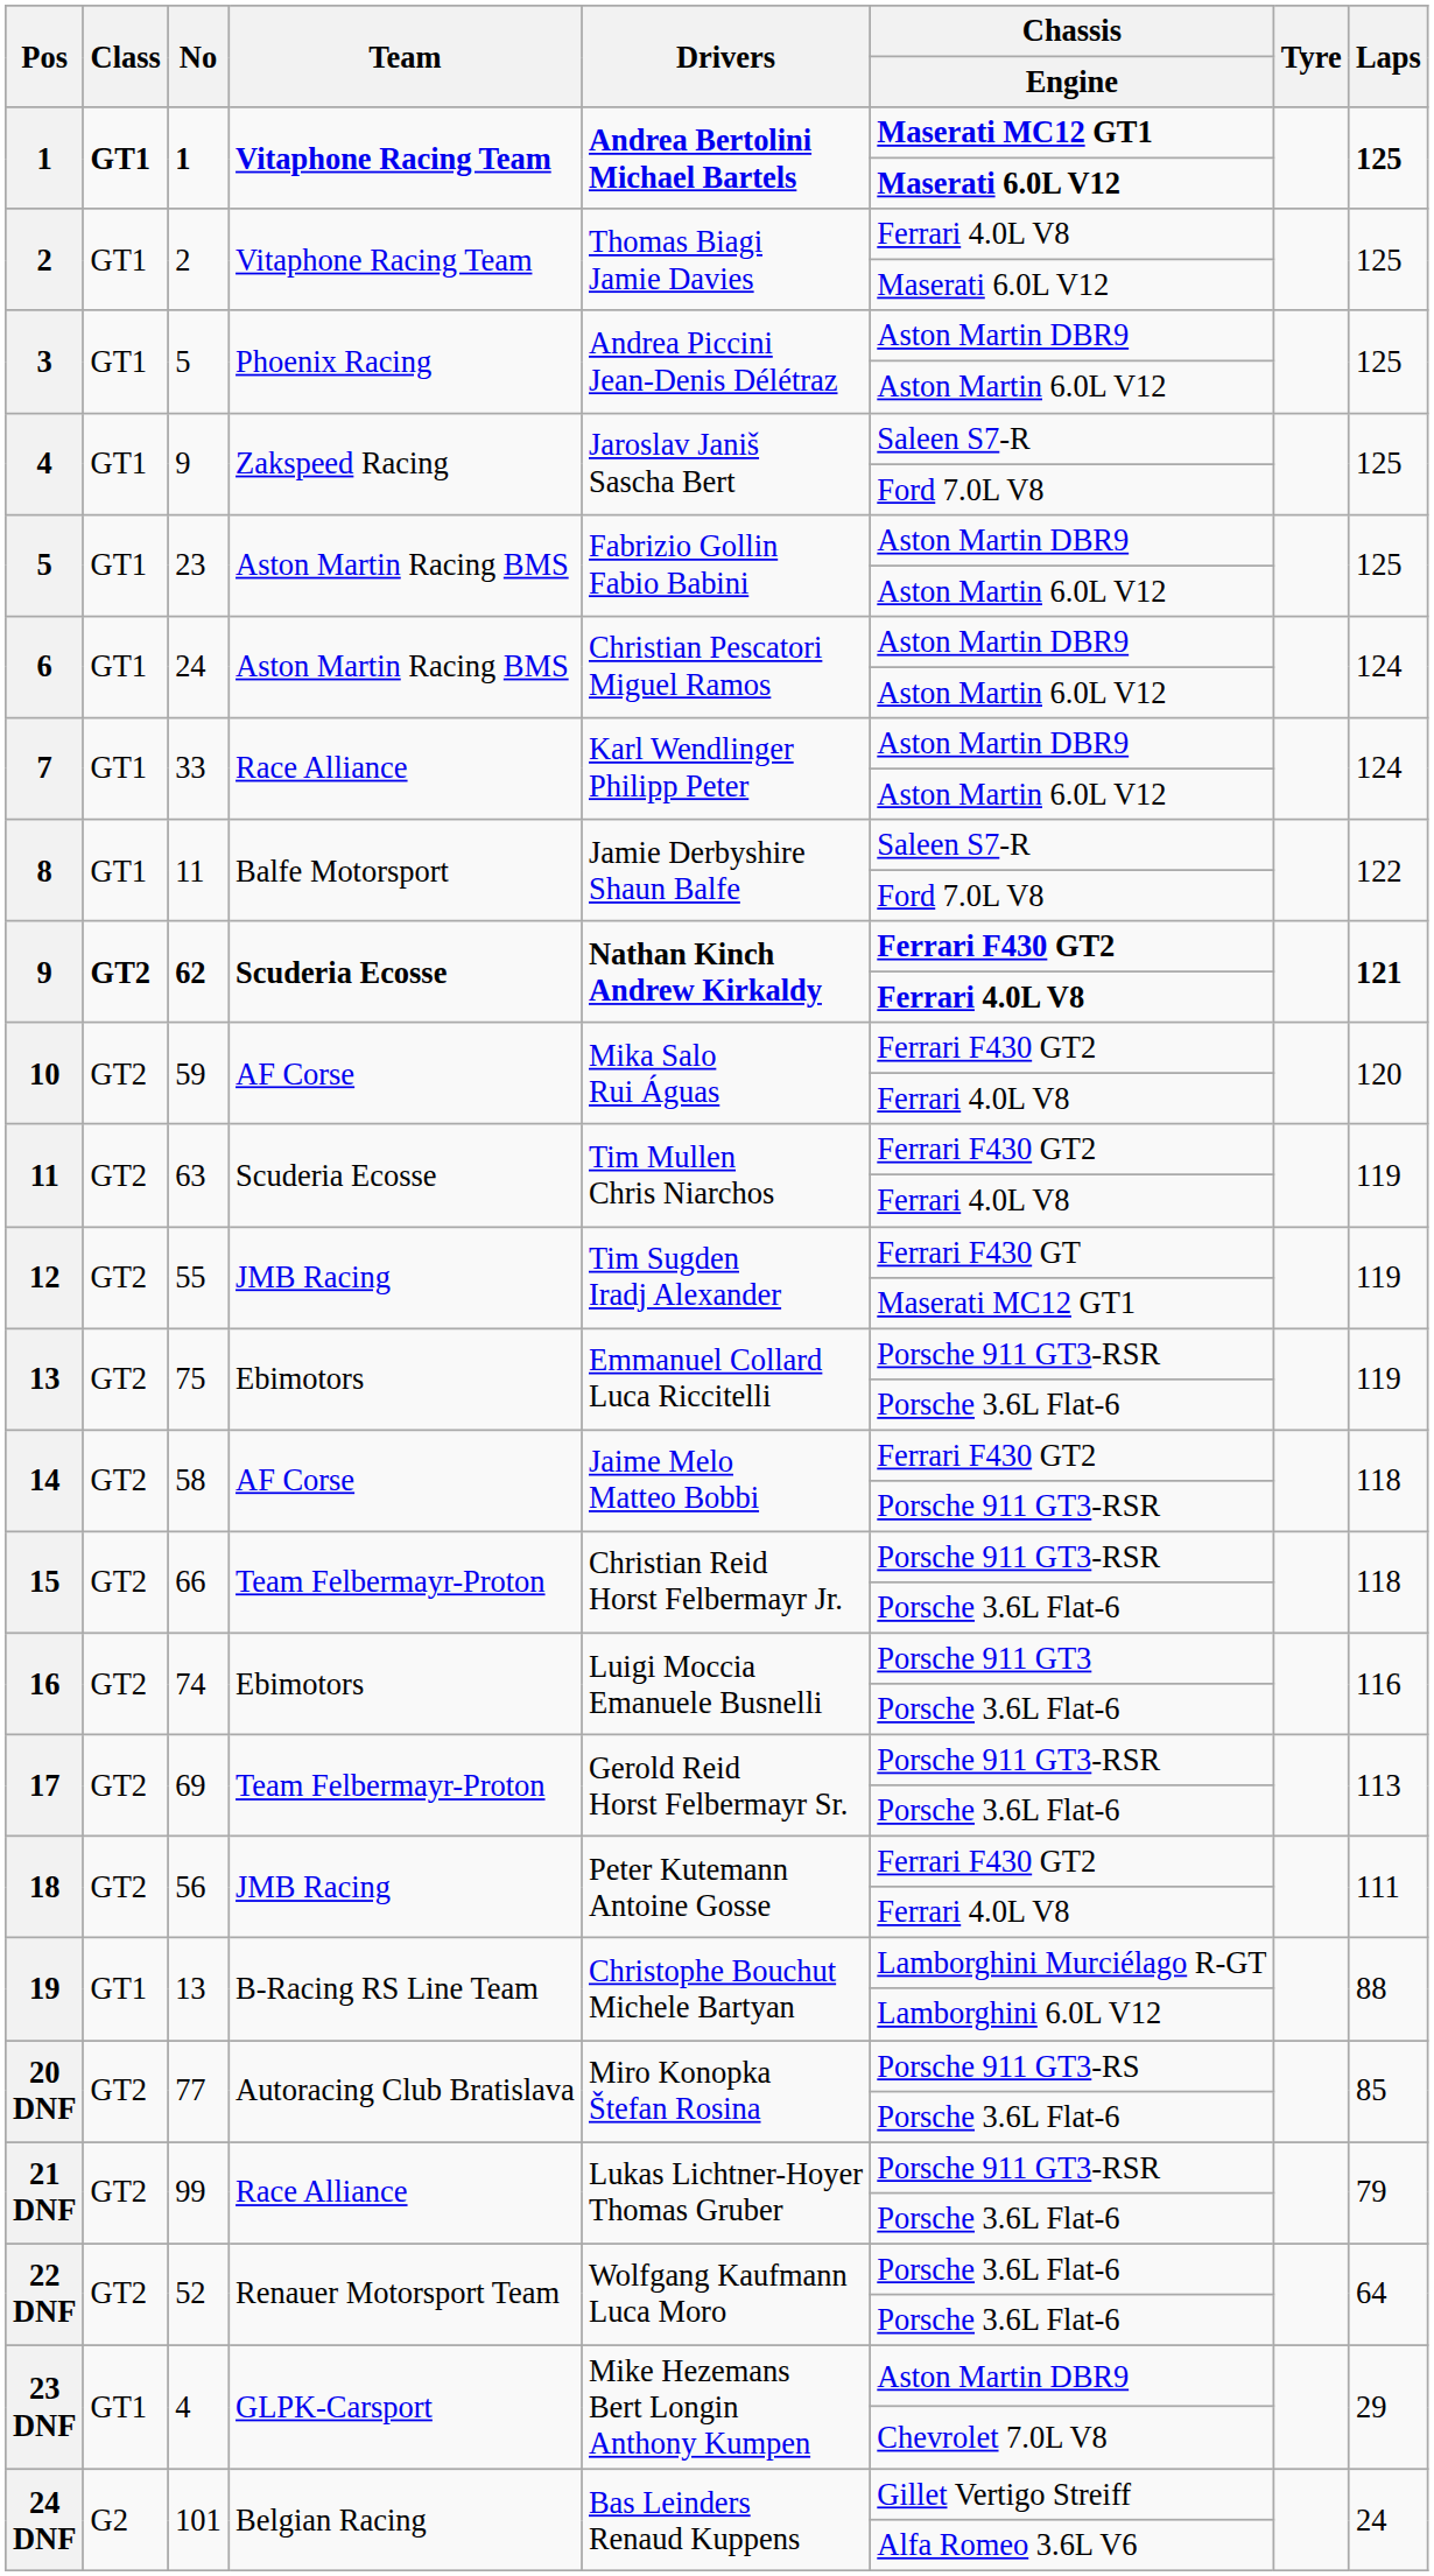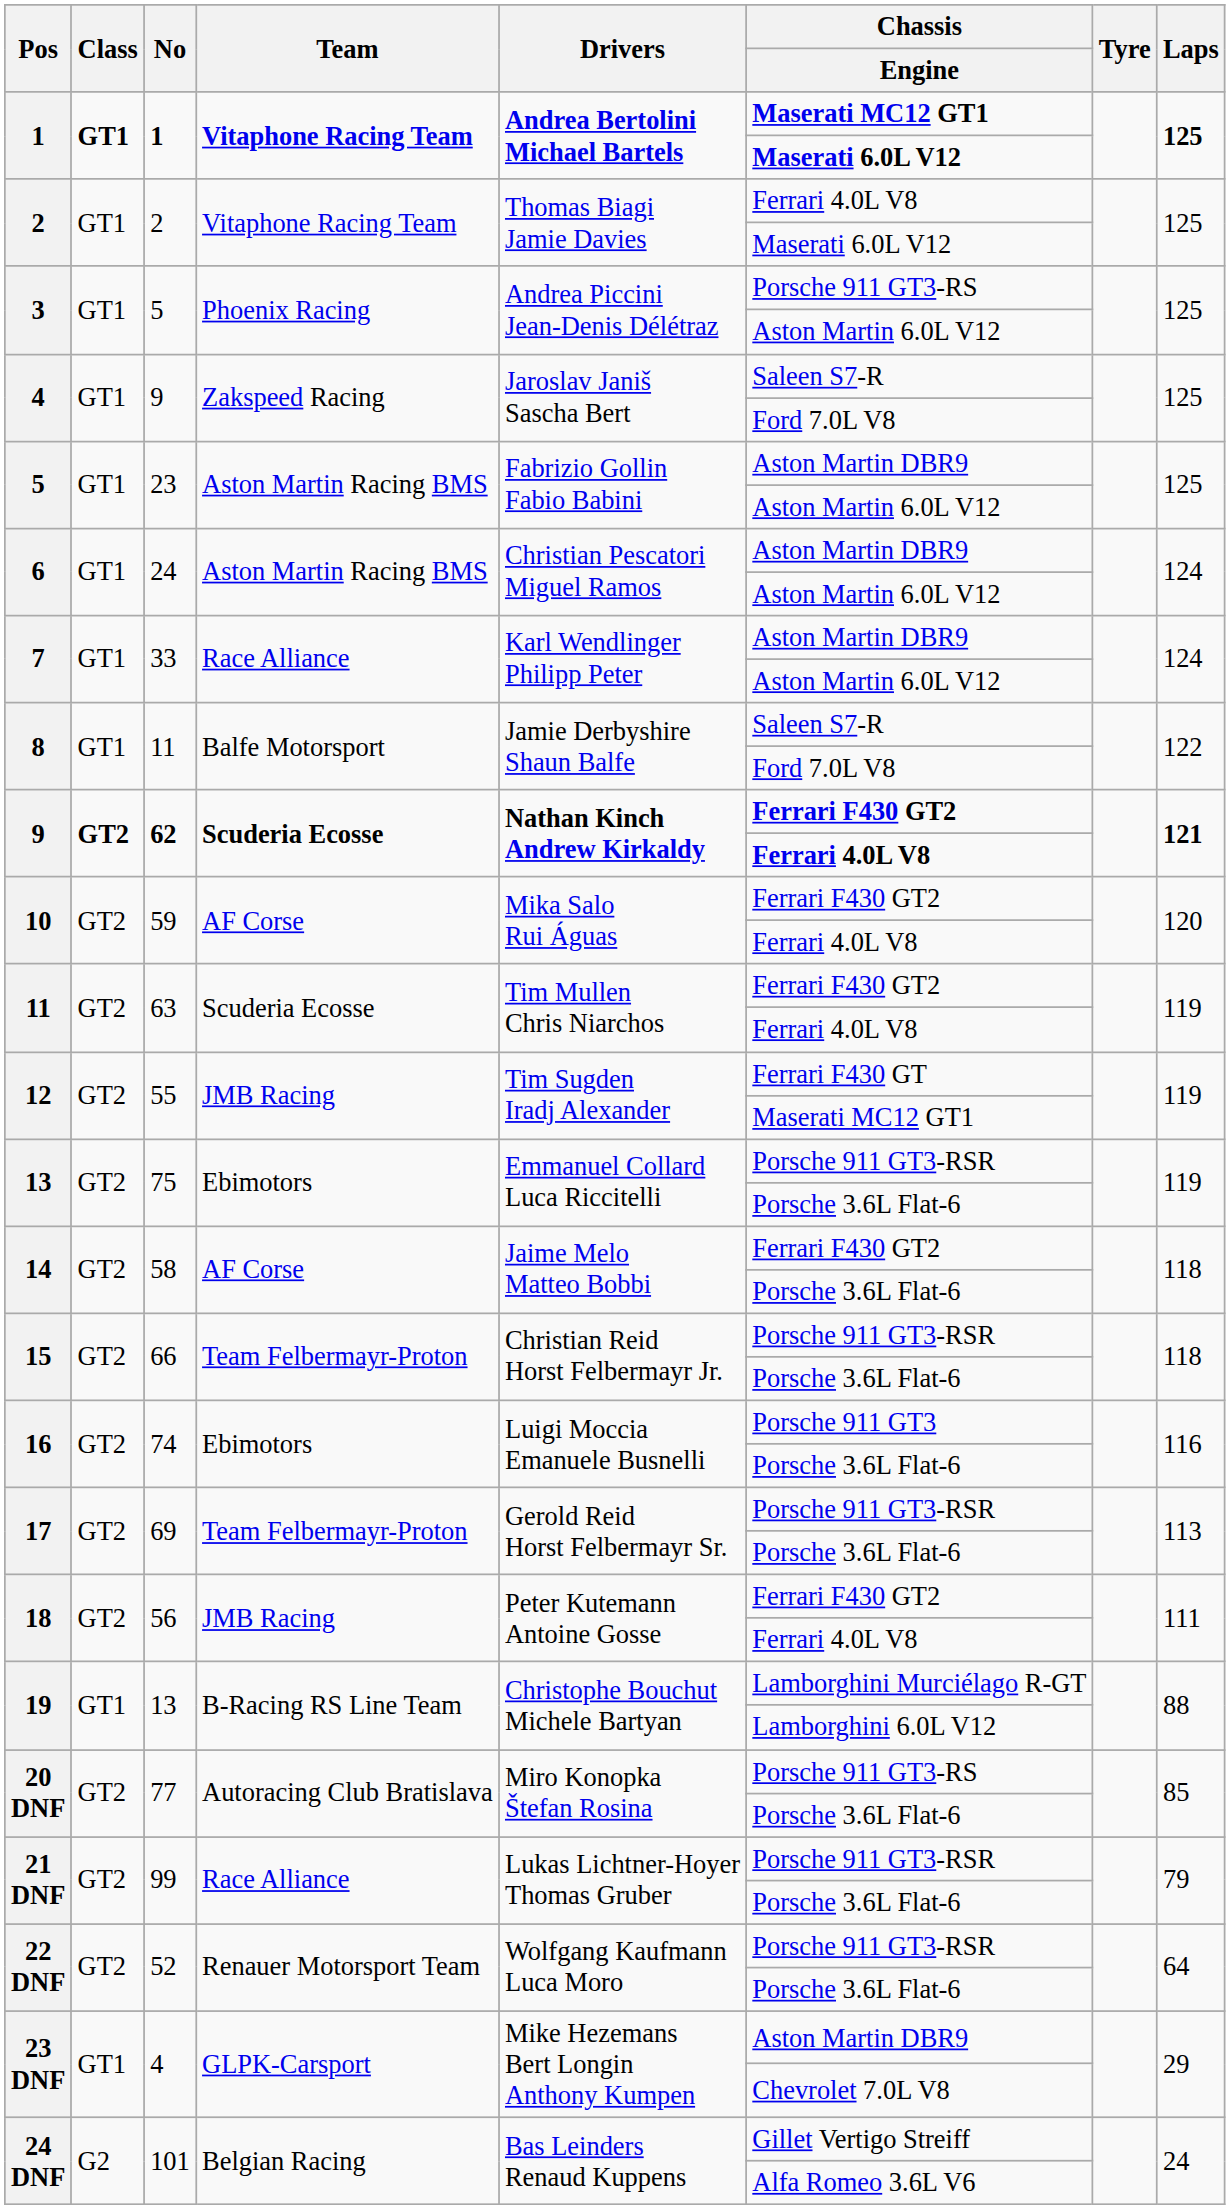 <table class="wikitable" style="font-size: 95%;">
 <tr>
 <th rowspan=2>Pos</th>
 <th rowspan=2>Class</th>
 <th rowspan=2>No</th>
 <th rowspan=2>Team</th>
 <th rowspan=2>Drivers</th>
 <th>Chassis</th>
 <th rowspan=2>Tyre</th>
 <th rowspan=2>Laps</th>
 </tr>
 <tr>
 <th>Engine</th>
 </tr>
 <tr style="font-weight:bold">
 <th rowspan=2>1</th>
 <td rowspan=2>GT1</td>
 <td rowspan=2>1</td>
 <td rowspan=2> <a href='#'>Vitaphone Racing Team</a></td>
 <td rowspan=2> <a href='#'>Andrea Bertolini</a><br> <a href='#'>Michael Bartels</a></td>
 <td><a href='#'>Maserati MC12</a> GT1</td>
 <td rowspan=2></td>
 <td rowspan=2>125</td>
 </tr>
 <tr style="font-weight:bold">
 <td><a href='#'>Maserati</a> 6.0L V12</td>
 </tr>
 <tr>
 <th rowspan=2>2</th>
 <td rowspan=2>GT1</td>
 <td rowspan=2>2</td>
 <td rowspan=2> <a href='#'>Vitaphone Racing Team</a></td>
 <td rowspan=2> <a href='#'>Thomas Biagi</a><br> <a href='#'>Jamie Davies</a></td>
 <td><a href='#'>Ferrari</a> 4.0L V8</td>
 <td rowspan=2></td>
 <td rowspan=2>125</td>
 </tr>
 <tr>
 <td><a href='#'>Maserati</a> 6.0L V12</td>
 </tr>
 <tr>
 <th rowspan=2>3</th>
 <td rowspan=2>GT1</td>
 <td rowspan=2>5</td>
 <td rowspan=2> <a href='#'>Phoenix Racing</a></td>
 <td rowspan=2> <a href='#'>Andrea Piccini</a><br> <a href='#'>Jean-Denis Délétraz</a></td>
-<td><a href='#'>Aston Martin DBR9</a></td>
+<td><a href='#'>Porsche 911 GT3</a>-RS</td>
 <td rowspan=2></td>
 <td rowspan=2>125</td>
 </tr>
 <tr>
 <td><a href='#'>Aston Martin</a> 6.0L V12</td>
 </tr>
 <tr>
 <th rowspan=2>4</th>
 <td rowspan=2>GT1</td>
 <td rowspan=2>9</td>
 <td rowspan=2> <a href='#'>Zakspeed</a> Racing</td>
 <td rowspan=2> <a href='#'>Jaroslav Janiš</a><br> Sascha Bert</td>
 <td><a href='#'>Saleen S7</a>-R</td>
 <td rowspan=2></td>
 <td rowspan=2>125</td>
 </tr>
 <tr>
 <td><a href='#'>Ford</a> 7.0L V8</td>
 </tr>
 <tr>
 <th rowspan=2>5</th>
 <td rowspan=2>GT1</td>
 <td rowspan=2>23</td>
 <td rowspan=2> <a href='#'>Aston Martin</a> Racing <a href='#'>BMS</a></td>
 <td rowspan=2> <a href='#'>Fabrizio Gollin</a><br> <a href='#'>Fabio Babini</a></td>
 <td><a href='#'>Aston Martin DBR9</a></td>
 <td rowspan=2></td>
 <td rowspan=2>125</td>
 </tr>
 <tr>
 <td><a href='#'>Aston Martin</a> 6.0L V12</td>
 </tr>
 <tr>
 <th rowspan=2>6</th>
 <td rowspan=2>GT1</td>
 <td rowspan=2>24</td>
 <td rowspan=2> <a href='#'>Aston Martin</a> Racing <a href='#'>BMS</a></td>
 <td rowspan=2> <a href='#'>Christian Pescatori</a><br> <a href='#'>Miguel Ramos</a></td>
 <td><a href='#'>Aston Martin DBR9</a></td>
 <td rowspan=2></td>
 <td rowspan=2>124</td>
 </tr>
 <tr>
 <td><a href='#'>Aston Martin</a> 6.0L V12</td>
 </tr>
 <tr>
 <th rowspan=2>7</th>
 <td rowspan=2>GT1</td>
 <td rowspan=2>33</td>
 <td rowspan=2> <a href='#'>Race Alliance</a></td>
 <td rowspan=2> <a href='#'>Karl Wendlinger</a><br> <a href='#'>Philipp Peter</a></td>
 <td><a href='#'>Aston Martin DBR9</a></td>
 <td rowspan=2></td>
 <td rowspan=2>124</td>
 </tr>
 <tr>
 <td><a href='#'>Aston Martin</a> 6.0L V12</td>
 </tr>
 <tr>
 <th rowspan=2>8</th>
 <td rowspan=2>GT1</td>
 <td rowspan=2>11</td>
 <td rowspan=2> Balfe Motorsport</td>
 <td rowspan=2> Jamie Derbyshire<br> <a href='#'>Shaun Balfe</a></td>
 <td><a href='#'>Saleen S7</a>-R</td>
 <td rowspan=2></td>
 <td rowspan=2>122</td>
 </tr>
 <tr>
 <td><a href='#'>Ford</a> 7.0L V8</td>
 </tr>
 <tr style="font-weight:bold">
 <th rowspan=2>9</th>
 <td rowspan=2>GT2</td>
 <td rowspan=2>62</td>
 <td rowspan=2> Scuderia Ecosse</td>
 <td rowspan=2> Nathan Kinch<br> <a href='#'>Andrew Kirkaldy</a></td>
 <td><a href='#'>Ferrari F430</a> GT2</td>
 <td rowspan=2></td>
 <td rowspan=2>121</td>
 </tr>
 <tr style="font-weight:bold">
 <td><a href='#'>Ferrari</a> 4.0L V8</td>
 </tr>
 <tr>
 <th rowspan=2>10</th>
 <td rowspan=2>GT2</td>
 <td rowspan=2>59</td>
 <td rowspan=2> <a href='#'>AF Corse</a></td>
 <td rowspan=2> <a href='#'>Mika Salo</a><br> <a href='#'>Rui Águas</a></td>
 <td><a href='#'>Ferrari F430</a> GT2</td>
 <td rowspan=2></td>
 <td rowspan=2>120</td>
 </tr>
 <tr>
 <td><a href='#'>Ferrari</a> 4.0L V8</td>
 </tr>
 <tr>
 <th rowspan=2>11</th>
 <td rowspan=2>GT2</td>
 <td rowspan=2>63</td>
 <td rowspan=2> Scuderia Ecosse</td>
 <td rowspan=2> <a href='#'>Tim Mullen</a><br> Chris Niarchos</td>
 <td><a href='#'>Ferrari F430</a> GT2</td>
 <td rowspan=2></td>
 <td rowspan=2>119</td>
 </tr>
 <tr>
 <td><a href='#'>Ferrari</a> 4.0L V8</td>
 </tr>
 <tr>
 <th rowspan=2>12</th>
 <td rowspan=2>GT2</td>
 <td rowspan=2>55</td>
 <td rowspan=2> <a href='#'>JMB Racing</a></td>
 <td rowspan=2> <a href='#'>Tim Sugden</a><br> <a href='#'>Iradj Alexander</a></td>
 <td><a href='#'>Ferrari F430</a> GT</td>
 <td rowspan=2></td>
 <td rowspan=2>119</td>
 </tr>
 <tr>
 <td><a href='#'>Maserati MC12</a> GT1</td>
 </tr>
 <tr>
 <th rowspan=2>13</th>
 <td rowspan=2>GT2</td>
 <td rowspan=2>75</td>
 <td rowspan=2> Ebimotors</td>
 <td rowspan=2> <a href='#'>Emmanuel Collard</a><br> Luca Riccitelli</td>
 <td><a href='#'>Porsche 911 GT3</a>-RSR</td>
 <td rowspan=2></td>
 <td rowspan=2>119</td>
 </tr>
 <tr>
 <td><a href='#'>Porsche</a> 3.6L Flat-6</td>
 </tr>
 <tr>
 <th rowspan=2>14</th>
 <td rowspan=2>GT2</td>
 <td rowspan=2>58</td>
 <td rowspan=2> <a href='#'>AF Corse</a></td>
 <td rowspan=2> <a href='#'>Jaime Melo</a><br> <a href='#'>Matteo Bobbi</a></td>
 <td><a href='#'>Ferrari F430</a> GT2</td>
 <td rowspan=2></td>
 <td rowspan=2>118</td>
 </tr>
 <tr>
-<td><a href='#'>Porsche 911 GT3</a>-RSR</td>
+<td><a href='#'>Porsche</a> 3.6L Flat-6</td>
 </tr>
 <tr>
 <th rowspan=2>15</th>
 <td rowspan=2>GT2</td>
 <td rowspan=2>66</td>
 <td rowspan=2> <a href='#'>Team Felbermayr-Proton</a></td>
 <td rowspan=2> Christian Reid<br> Horst Felbermayr Jr.</td>
 <td><a href='#'>Porsche 911 GT3</a>-RSR</td>
 <td rowspan=2></td>
 <td rowspan=2>118</td>
 </tr>
 <tr>
 <td><a href='#'>Porsche</a> 3.6L Flat-6</td>
 </tr>
 <tr>
 <th rowspan=2>16</th>
 <td rowspan=2>GT2</td>
 <td rowspan=2>74</td>
 <td rowspan=2> Ebimotors</td>
 <td rowspan=2> Luigi Moccia<br> Emanuele Busnelli</td>
 <td><a href='#'>Porsche 911 GT3</a></td>
 <td rowspan=2></td>
 <td rowspan=2>116</td>
 </tr>
 <tr>
 <td><a href='#'>Porsche</a> 3.6L Flat-6</td>
 </tr>
 <tr>
 <th rowspan=2>17</th>
 <td rowspan=2>GT2</td>
 <td rowspan=2>69</td>
 <td rowspan=2> <a href='#'>Team Felbermayr-Proton</a></td>
 <td rowspan=2> Gerold Reid<br> Horst Felbermayr Sr.</td>
 <td><a href='#'>Porsche 911 GT3</a>-RSR</td>
 <td rowspan=2></td>
 <td rowspan=2>113</td>
 </tr>
 <tr>
 <td><a href='#'>Porsche</a> 3.6L Flat-6</td>
 </tr>
 <tr>
 <th rowspan=2>18</th>
 <td rowspan=2>GT2</td>
 <td rowspan=2>56</td>
 <td rowspan=2> <a href='#'>JMB Racing</a></td>
 <td rowspan=2> Peter Kutemann<br> Antoine Gosse</td>
 <td><a href='#'>Ferrari F430</a> GT2</td>
 <td rowspan=2></td>
 <td rowspan=2>111</td>
 </tr>
 <tr>
 <td><a href='#'>Ferrari</a> 4.0L V8</td>
 </tr>
 <tr>
 <th rowspan=2>19</th>
 <td rowspan=2>GT1</td>
 <td rowspan=2>13</td>
 <td rowspan=2> B-Racing RS Line Team</td>
 <td rowspan=2> <a href='#'>Christophe Bouchut</a><br> Michele Bartyan</td>
 <td><a href='#'>Lamborghini Murciélago</a> R-GT</td>
 <td rowspan=2></td>
 <td rowspan=2>88</td>
 </tr>
 <tr>
 <td><a href='#'>Lamborghini</a> 6.0L V12</td>
 </tr>
 <tr>
 <th rowspan=2>20<br>DNF</th>
 <td rowspan=2>GT2</td>
 <td rowspan=2>77</td>
 <td rowspan=2> Autoracing Club Bratislava</td>
 <td rowspan=2> Miro Konopka<br> <a href='#'>Štefan Rosina</a></td>
 <td><a href='#'>Porsche 911 GT3</a>-RS</td>
 <td rowspan=2></td>
 <td rowspan=2>85</td>
 </tr>
 <tr>
 <td><a href='#'>Porsche</a> 3.6L Flat-6</td>
 </tr>
 <tr>
 <th rowspan=2>21<br>DNF</th>
 <td rowspan=2>GT2</td>
 <td rowspan=2>99</td>
 <td rowspan=2> <a href='#'>Race Alliance</a></td>
 <td rowspan=2> Lukas Lichtner-Hoyer<br> Thomas Gruber</td>
 <td><a href='#'>Porsche 911 GT3</a>-RSR</td>
 <td rowspan=2></td>
 <td rowspan=2>79</td>
 </tr>
 <tr>
 <td><a href='#'>Porsche</a> 3.6L Flat-6</td>
 </tr>
 <tr>
 <th rowspan=2>22<br>DNF</th>
 <td rowspan=2>GT2</td>
 <td rowspan=2>52</td>
 <td rowspan=2> Renauer Motorsport Team</td>
 <td rowspan=2> Wolfgang Kaufmann<br> Luca Moro</td>
-<td><a href='#'>Porsche</a> 3.6L Flat-6</td>
+<td><a href='#'>Porsche 911 GT3</a>-RSR</td>
 <td rowspan=2></td>
 <td rowspan=2>64</td>
 </tr>
 <tr>
 <td><a href='#'>Porsche</a> 3.6L Flat-6</td>
 </tr>
 <tr>
 <th rowspan=2>23<br>DNF</th>
 <td rowspan=2>GT1</td>
 <td rowspan=2>4</td>
 <td rowspan=2> <a href='#'>GLPK-Carsport</a></td>
 <td rowspan=2> Mike Hezemans<br> Bert Longin<br> <a href='#'>Anthony Kumpen</a></td>
 <td><a href='#'>Aston Martin DBR9</a></td>
 <td rowspan=2></td>
 <td rowspan=2>29</td>
 </tr>
 <tr>
 <td><a href='#'>Chevrolet</a> 7.0L V8</td>
 </tr>
 <tr>
 <th rowspan=2>24<br>DNF</th>
 <td rowspan=2>G2</td>
 <td rowspan=2>101</td>
 <td rowspan=2> Belgian Racing</td>
 <td rowspan=2> <a href='#'>Bas Leinders</a><br> Renaud Kuppens</td>
 <td><a href='#'>Gillet</a> Vertigo Streiff</td>
 <td rowspan=2></td>
 <td rowspan=2>24</td>
 </tr>
 <tr>
 <td><a href='#'>Alfa Romeo</a> 3.6L V6</td>
 </tr>
 </table>
